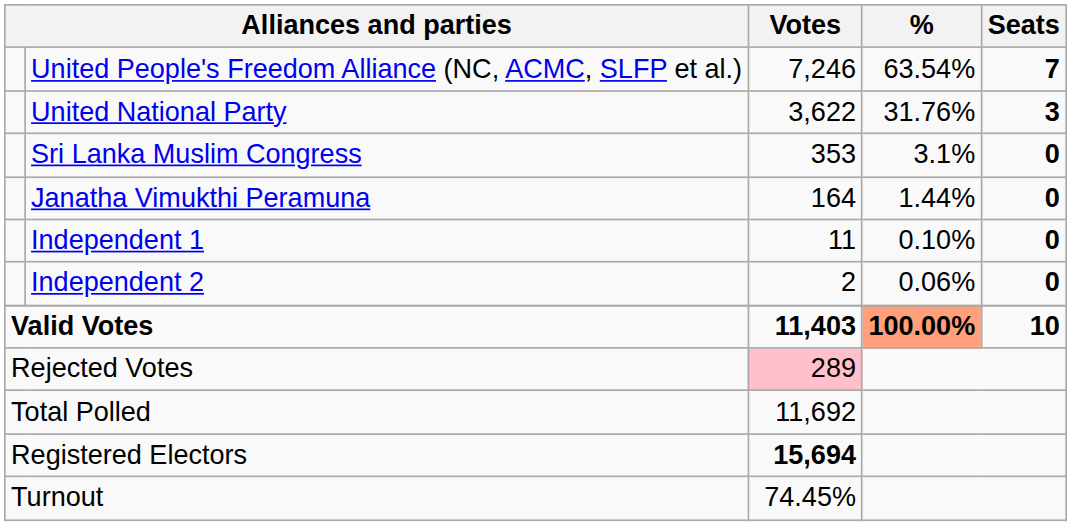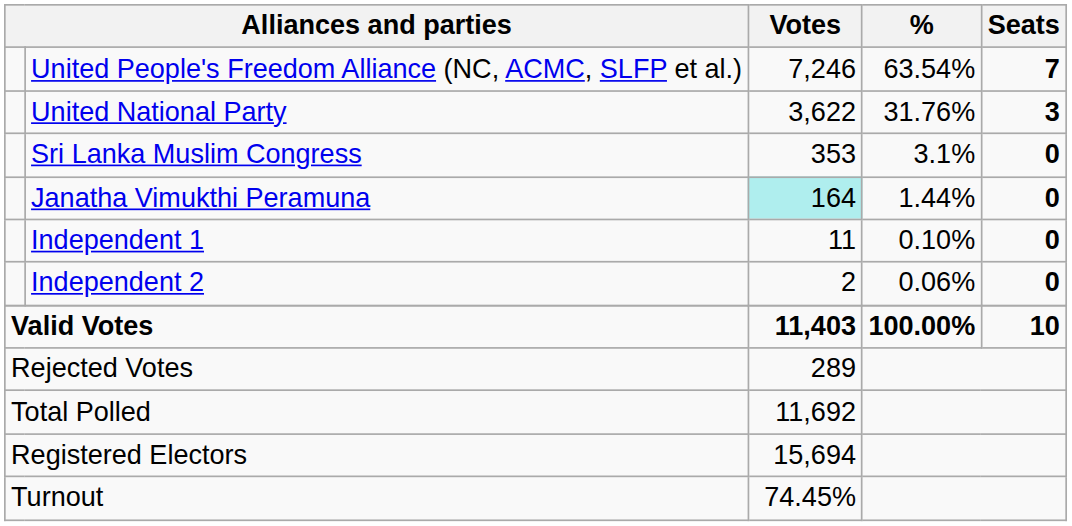 <table class="wikitable" border="1" style="text-align:right;">
 <tr>
 <th valign=bottom align=left colspan=2>Alliances and parties</th>
 <th valign=bottom align=center width="60">Votes</th>
 <th valign=bottom align=center width="50">%</th>
 <th valign=bottom align=center>Seats</th>
 </tr>
 <tr>
 <td bgcolor=> </td>
 <td align=left><a href='#'>United People's Freedom Alliance</a> (NC, <a href='#'>ACMC</a>, <a href='#'>SLFP</a> et al.)</td>
 <td>7,246</td>
 <td>63.54%</td>
 <td><strong>7</strong></td>
 </tr>
 <tr>
 <td bgcolor=> </td>
 <td align=left><a href='#'>United National Party</a></td>
 <td>3,622</td>
 <td>31.76%</td>
 <td><strong>3</strong></td>
 </tr>
 <tr>
 <td bgcolor=> </td>
 <td align=left><a href='#'>Sri Lanka Muslim Congress</a></td>
 <td>353</td>
 <td>3.1%</td>
 <td><strong>0</strong></td>
 </tr>
 <tr>
 <td bgcolor=> </td>
 <td align=left><a href='#'>Janatha Vimukthi Peramuna</a></td>
-<td>164</td>
+<td style="background: paleturquoise;">164</td>
 <td>1.44%</td>
 <td><strong>0</strong></td>
 </tr>
 <tr>
 <td></td>
 <td align=left><a href='#'>Independent 1</a></td>
 <td>11</td>
 <td>0.10%</td>
 <td><strong>0</strong></td>
 </tr>
 <tr>
 <td></td>
 <td align=left><a href='#'>Independent 2</a></td>
 <td>2</td>
 <td>0.06%</td>
 <td><strong>0</strong></td>
 </tr>
 <tr>
 </tr>
 <tr>
 <td colspan=2 align=left><strong>Valid Votes</strong></td>
 <td><strong>11,403</strong></td>
-<td style="background: lightsalmon;"><strong>100.00%</strong></td>
+<td><strong>100.00%</strong></td>
 <td><strong>10</strong></td>
 </tr>
 <tr>
 <td colspan=2 align=left>Rejected Votes</td>
-<td style="background: pink;">289</td>
+<td>289</td>
 <td colspan=2></td>
 </tr>
 <tr>
 <td colspan=2 align=left>Total Polled</td>
 <td>11,692</td>
 <td colspan=2></td>
 </tr>
 <tr>
 <td colspan=2 align=left>Registered Electors</td>
-<td><strong>15,694</strong></td>
+<td>15,694</td>
 <td colspan=2></td>
 </tr>
 <tr>
 <td colspan=2 align=left>Turnout</td>
 <td>74.45%</td>
 <td colspan=2></td>
 </tr>
 </table>
